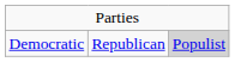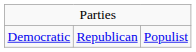 <table class="wikitable">
 <tr>
 <td style="text-align:center;" colspan="3">Parties</td>
 </tr>
 <tr>
 <td><a href='#'>Democratic</a></td>
 <td><a href='#'>Republican</a></td>
-<td style="background: lightgrey;"><a href='#'>Populist</a></td>
+<td><a href='#'>Populist</a></td>
 </tr>
 </table>
